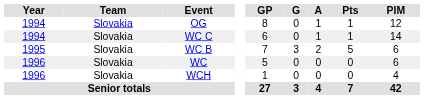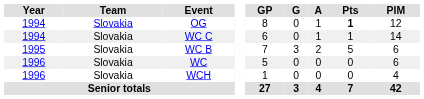 <table border="0" cellpadding="1" cellspacing="0" style="text-align:center; width:40em">
 <tr ALIGN="center" bgcolor="#e0e0e0">
 <th>Year</th>
 <th>Team</th>
 <th>Event</th>
 <th rowspan="99" bgcolor="#ffffff"> </th>
 <th>GP</th>
 <th>G</th>
 <th>A</th>
 <th>Pts</th>
 <th>PIM</th>
 </tr>
 <tr>
 <td><a href='#'>1994</a></td>
 <td><a href='#'>Slovakia</a></td>
 <td><a href='#'>OG</a></td>
 <td>8</td>
 <td>0</td>
 <td>1</td>
-<td>1</td>
+<td><strong>1</strong></td>
 <td>12</td>
 </tr>
 <tr bgcolor="#f0f0f0">
 <td><a href='#'>1994</a></td>
 <td>Slovakia</td>
 <td><a href='#'>WC C</a></td>
 <td>6</td>
 <td>0</td>
 <td>1</td>
 <td>1</td>
 <td>14</td>
 </tr>
 <tr>
 <td><a href='#'>1995</a></td>
 <td>Slovakia</td>
 <td><a href='#'>WC B</a></td>
 <td>7</td>
 <td>3</td>
 <td>2</td>
 <td>5</td>
 <td>6</td>
 </tr>
 <tr bgcolor="#f0f0f0">
 <td><a href='#'>1996</a></td>
 <td>Slovakia</td>
 <td><a href='#'>WC</a></td>
 <td>5</td>
 <td>0</td>
 <td>0</td>
 <td>0</td>
 <td>6</td>
 </tr>
 <tr>
 <td><a href='#'>1996</a></td>
 <td>Slovakia</td>
 <td><a href='#'>WCH</a></td>
 <td>1</td>
 <td>0</td>
 <td>0</td>
 <td>0</td>
 <td>4</td>
 </tr>
 <tr bgcolor="#e0e0e0">
 <th colspan=3>Senior totals</th>
 <th>27</th>
 <th>3</th>
 <th>4</th>
 <th>7</th>
 <th>42</th>
 </tr>
 </table>
